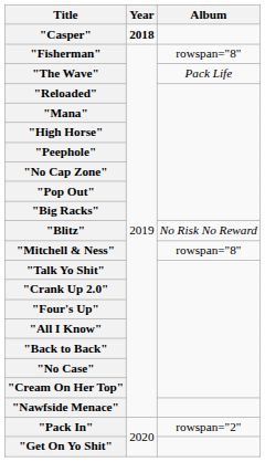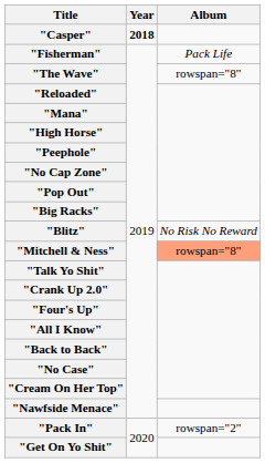 <table class="wikitable plainrowheaders" style="text-align:center;">
 <tr>
 <th>Title</th>
 <th>Year</th>
 <th>Album</th>
 </tr>
 <tr>
 <th scope="row">"Casper"<br></th>
 <td><strong>2018</strong></td>
 <td></td>
 </tr>
 <tr>
 <th scope="row">"Fisherman"<br></th>
 <td rowspan="19">2019</td>
-<td>rowspan="8" </td>
+<td><em>Pack Life</em></td>
 </tr>
 <tr>
 <th scope="row">"The Wave"<br></th>
-<td><em>Pack Life</em></td>
+<td>rowspan="8" </td>
 </tr>
 <tr>
 <th scope="row">"Reloaded"<br></th>
 </tr>
 <tr>
 <th scope="row">"Mana"<br></th>
 </tr>
 <tr>
 <th scope="row">"High Horse"<br></th>
 </tr>
 <tr>
 <th scope="row">"Peephole"<br></th>
 </tr>
 <tr>
 <th scope="row">"No Cap Zone"<br></th>
 </tr>
 <tr>
 <th scope="row">"Pop Out"<br></th>
 </tr>
 <tr>
 <th scope="row">"Big Racks"<br></th>
 </tr>
 <tr>
 <th scope="row">"Blitz"<br></th>
 <td><em>No Risk No Reward</em></td>
 </tr>
 <tr>
 <th scope="row">"Mitchell & Ness"<br></th>
-<td>rowspan="8" </td>
+<td style="background: lightsalmon;">rowspan="8" </td>
 </tr>
 <tr>
 <th scope="row">"Talk Yo Shit"<br></th>
 </tr>
 <tr>
 <th scope="row">"Crank Up 2.0"<br></th>
 </tr>
 <tr>
 <th scope="row">"Four's Up"<br></th>
 </tr>
 <tr>
 <th scope="row">"All I Know"<br></th>
 </tr>
 <tr>
 <th scope="row">"Back to Back"<br></th>
 </tr>
 <tr>
 <th scope="row">"No Case"<br></th>
 </tr>
 <tr>
 <th scope="row">"Cream On Her Top"<br></th>
 </tr>
 <tr>
 <th scope="row">"Nawfside Menace"<br></th>
 <td></td>
 </tr>
 <tr>
 <th scope="row">"Pack In"<br></th>
 <td rowspan="2">2020</td>
 <td>rowspan="2" </td>
 </tr>
 <tr>
 <th scope="row">"Get On Yo Shit"<br></th>
 </tr>
 </table>
